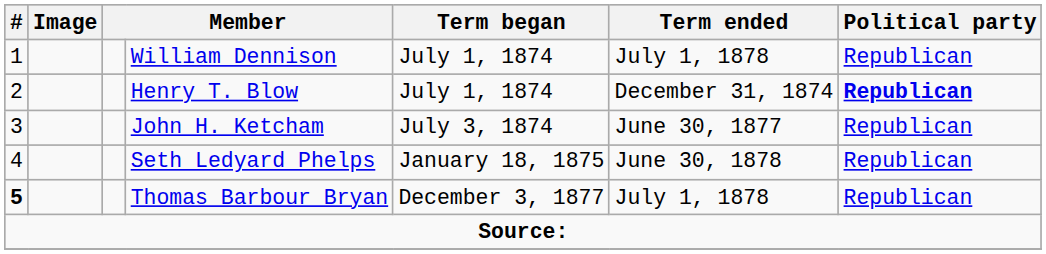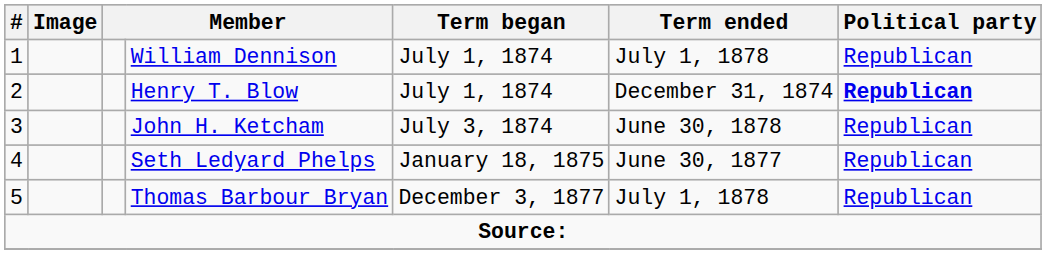 <table class="wikitable">
 <tr>
 <th>#</th>
 <th>Image</th>
 <th colspan="2">Member</th>
 <th>Term began</th>
 <th>Term ended</th>
 <th>Political party</th>
 </tr>
 <tr>
 <td>1</td>
 <td></td>
 <td style="background: "> </td>
 <td><a href='#'>William Dennison</a></td>
 <td>July 1, 1874</td>
 <td>July 1, 1878</td>
 <td><a href='#'>Republican</a></td>
 </tr>
 <tr>
 <td>2</td>
 <td></td>
 <td style="background: "> </td>
 <td><a href='#'>Henry T. Blow</a></td>
 <td>July 1, 1874</td>
 <td>December 31, 1874</td>
 <td><strong><a href='#'>Republican</a></strong></td>
 </tr>
 <tr>
 <td>3</td>
 <td></td>
 <td style="background:"> </td>
 <td><a href='#'>John H. Ketcham</a></td>
 <td>July 3, 1874</td>
-<td>June 30, 1877</td>
+<td>June 30, 1878</td>
 <td><a href='#'>Republican</a></td>
 </tr>
 <tr>
 <td>4</td>
 <td></td>
 <td style="background: "> </td>
 <td><a href='#'>Seth Ledyard Phelps</a></td>
 <td>January 18, 1875</td>
-<td>June 30, 1878</td>
+<td>June 30, 1877</td>
 <td><a href='#'>Republican</a></td>
 </tr>
 <tr>
-<td><strong>5</strong></td>
+<td>5</td>
 <td></td>
 <td style="background: "> </td>
 <td><a href='#'>Thomas Barbour Bryan</a></td>
 <td>December 3, 1877</td>
 <td>July 1, 1878</td>
 <td><a href='#'>Republican</a></td>
 </tr>
 <tr>
 <td colspan="7" style="text-align: center;"><strong>Source:</strong></td>
 </tr>
 <tr>
 </tr>
 </table>
